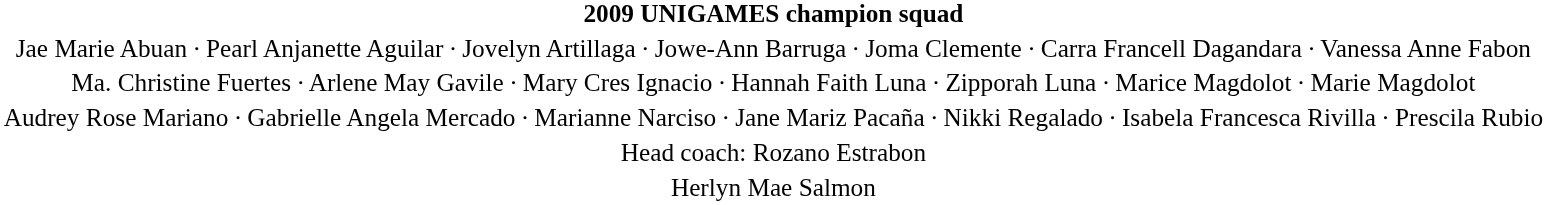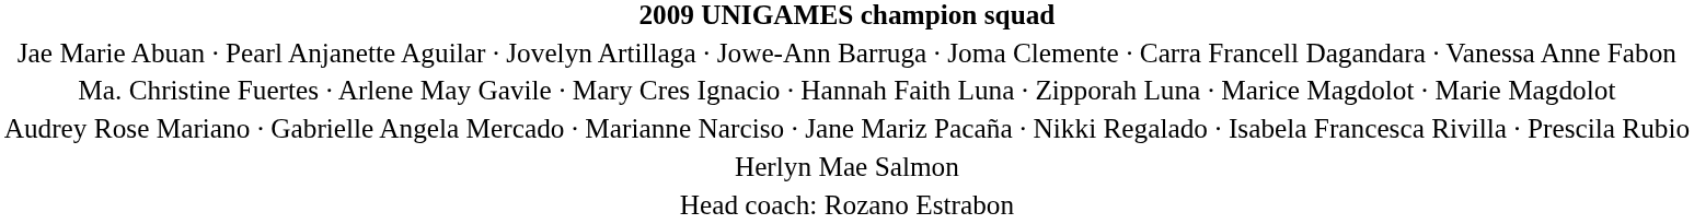 <table class=toccolours style=margin:0.2em width=100%>
 <tr>
 <th style=>2009 UNIGAMES champion squad</th>
 </tr>
 <tr align=center>
 <td>Jae Marie Abuan ∙ Pearl Anjanette Aguilar ∙ Jovelyn Artillaga ∙ Jowe-Ann Barruga ∙ Joma Clemente ∙ Carra Francell Dagandara ∙ Vanessa Anne Fabon</td>
 </tr>
 <tr align=center>
 <td>Ma. Christine Fuertes ∙ Arlene May Gavile ∙ Mary Cres Ignacio ∙ Hannah Faith Luna ∙ Zipporah Luna ∙ Marice Magdolot ∙ Marie Magdolot</td>
 </tr>
 <tr align=center>
 <td>Audrey Rose Mariano ∙ Gabrielle Angela Mercado ∙ Marianne Narciso ∙ Jane Mariz Pacaña ∙ Nikki Regalado ∙ Isabela Francesca Rivilla ∙ Prescila Rubio</td>
 </tr>
 <tr align=center>
+<td>Herlyn Mae Salmon</td>
+</tr>
+<tr align=center>
 <td>Head coach: Rozano Estrabon</td>
 </tr>
-<tr align=center>
-<td>Herlyn Mae Salmon</td>
-</tr>
 </table>
